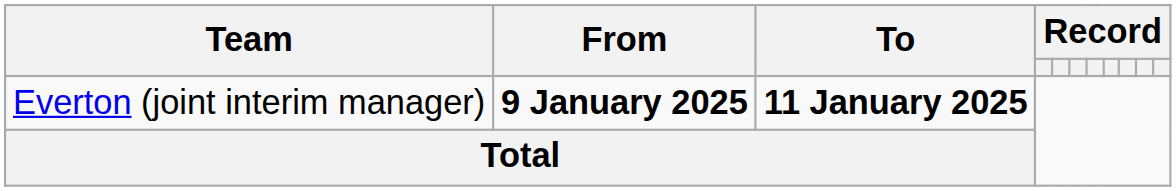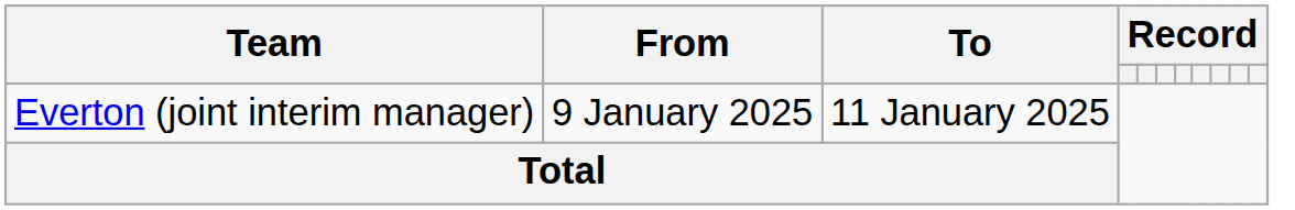 <table class=wikitable style=text-align:center>
 <tr>
 <th rowspan="2">Team</th>
 <th rowspan="2">From</th>
 <th rowspan="2">To</th>
 <th colspan="8">Record</th>
 </tr>
 <tr>
 <th></th>
 <th></th>
 <th></th>
 <th></th>
 <th></th>
 <th></th>
 <th></th>
 <th></th>
 </tr>
 <tr>
 <td align=left><a href='#'>Everton</a> (joint interim manager)</td>
-<td align=left><strong>9 January 2025</strong></td>
-<td align=left><strong>11 January 2025<br></strong></td>
+<td align=left>9 January 2025</td>
+<td align=left>11 January 2025<br></td>
 </tr>
 <tr>
 <th colspan="3">Total<br></th>
 </tr>
 </table>
